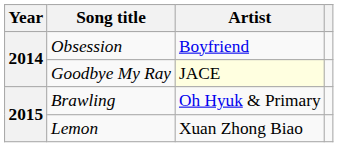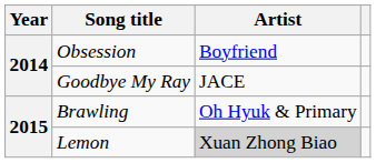 <table class="wikitable plainrowheaders sortable">
 <tr>
 <th scope="col">Year</th>
 <th scope="col">Song title</th>
 <th scope="col">Artist</th>
 <th scope="col" class="unsortable"></th>
 </tr>
 <tr>
 <th scope="row" rowspan="2">2014</th>
 <td><em>Obsession</em></td>
 <td><a href='#'>Boyfriend</a></td>
 <td style="text-align:center"></td>
 </tr>
 <tr>
 <td><em>Goodbye My Ray</em></td>
-<td style="background: lightyellow;">JACE</td>
+<td>JACE</td>
 <td style="text-align:center"></td>
 </tr>
 <tr>
 <th scope="row" rowspan="2">2015</th>
 <td><em>Brawling</em></td>
 <td><a href='#'>Oh Hyuk</a> & Primary</td>
 <td style="text-align:center"></td>
 </tr>
 <tr>
 <td><em>Lemon</em></td>
-<td>Xuan Zhong Biao</td>
+<td style="background: lightgrey;">Xuan Zhong Biao</td>
 <td style="text-align:center"></td>
 </tr>
 </table>
